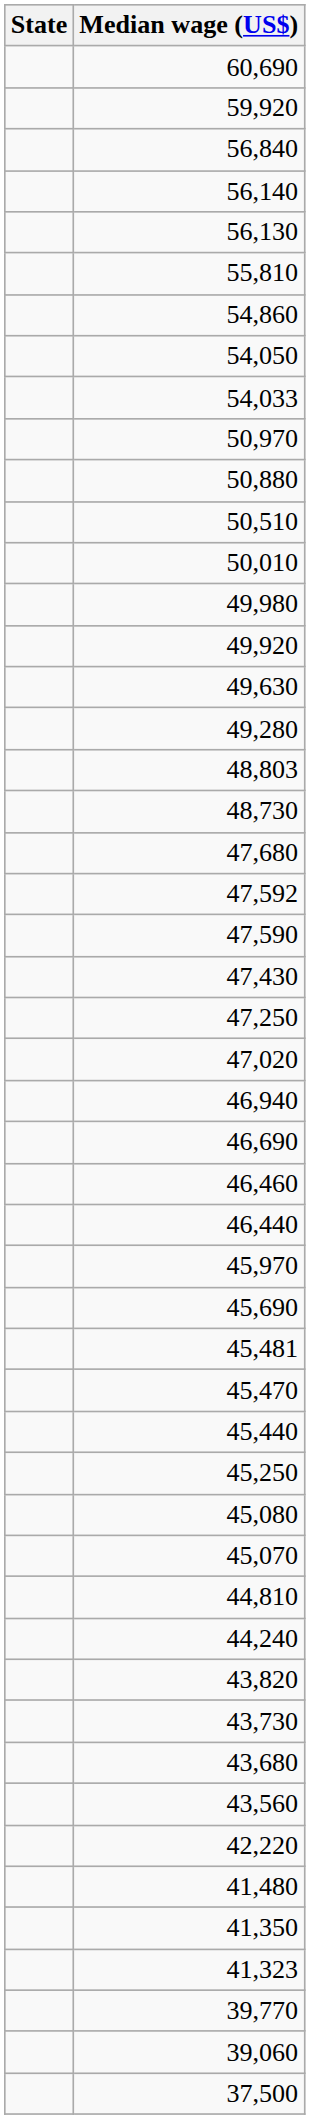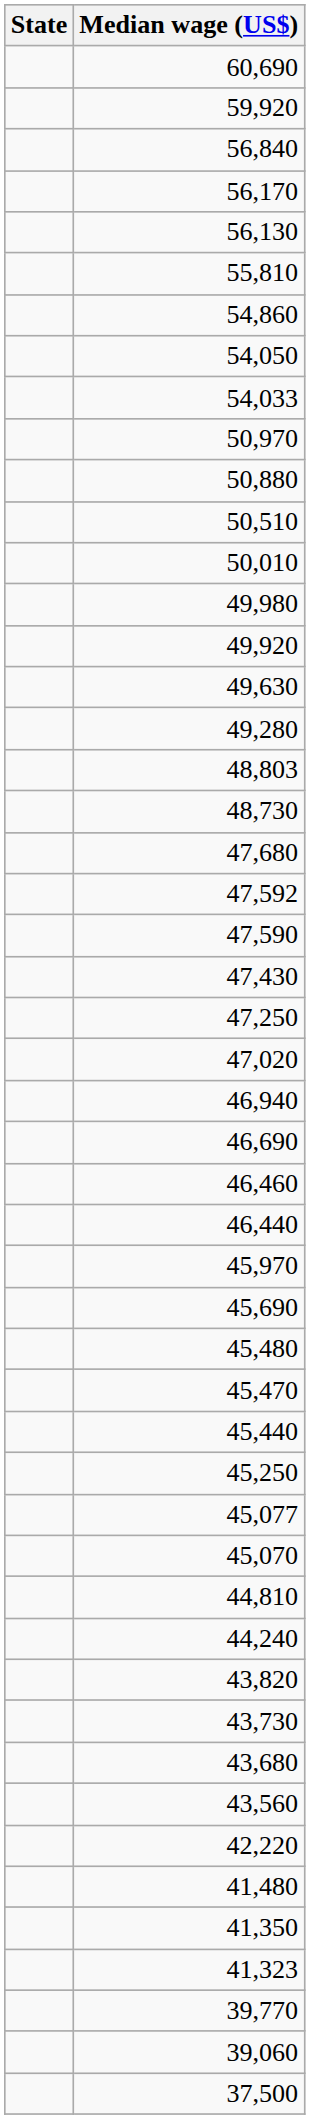 <table class="wikitable sortable sticky-table-head mw-datatable static-row-numbers" style=text-align:right;>
 <tr>
 <th>State</th>
 <th>Median wage (<a href='#'>US$</a>)</th>
 </tr>
 <tr>
 <td></td>
 <td>60,690</td>
 </tr>
 <tr>
 <td></td>
 <td>59,920</td>
 </tr>
 <tr>
 <td></td>
 <td>56,840</td>
 </tr>
 <tr>
 <td></td>
-<td>56,140</td>
+<td>56,170</td>
 </tr>
 <tr>
 <td></td>
 <td>56,130</td>
 </tr>
 <tr>
 <td></td>
 <td>55,810</td>
 </tr>
 <tr>
 <td></td>
 <td>54,860</td>
 </tr>
 <tr>
 <td></td>
 <td>54,050</td>
 </tr>
 <tr>
 <td></td>
 <td>54,033</td>
 </tr>
 <tr>
 <td></td>
 <td>50,970</td>
 </tr>
 <tr>
 <td></td>
 <td>50,880</td>
 </tr>
 <tr>
 <td></td>
 <td>50,510</td>
 </tr>
 <tr>
 <td></td>
 <td>50,010</td>
 </tr>
 <tr>
 <td></td>
 <td>49,980</td>
 </tr>
 <tr>
 <td></td>
 <td>49,920</td>
 </tr>
 <tr>
 <td></td>
 <td>49,630</td>
 </tr>
 <tr>
 <td></td>
 <td>49,280</td>
 </tr>
 <tr>
 <td></td>
 <td>48,803</td>
 </tr>
 <tr>
 <td></td>
 <td>48,730</td>
 </tr>
 <tr>
 <td></td>
 <td>47,680</td>
 </tr>
 <tr>
 <td></td>
 <td>47,592</td>
 </tr>
 <tr>
 <td></td>
 <td>47,590</td>
 </tr>
 <tr>
 <td></td>
 <td>47,430</td>
 </tr>
 <tr>
 <td></td>
 <td>47,250</td>
 </tr>
 <tr>
 <td></td>
 <td>47,020</td>
 </tr>
 <tr>
 <td></td>
 <td>46,940</td>
 </tr>
 <tr>
 <td></td>
 <td>46,690</td>
 </tr>
 <tr>
 <td></td>
 <td>46,460</td>
 </tr>
 <tr>
 <td></td>
 <td>46,440</td>
 </tr>
 <tr>
 <td></td>
 <td>45,970</td>
 </tr>
 <tr>
 <td></td>
 <td>45,690</td>
 </tr>
 <tr>
 <td></td>
-<td>45,481</td>
+<td>45,480</td>
 </tr>
 <tr>
 <td></td>
 <td>45,470</td>
 </tr>
 <tr>
 <td></td>
 <td>45,440</td>
 </tr>
 <tr>
 <td></td>
 <td>45,250</td>
 </tr>
 <tr>
 <td></td>
-<td>45,080</td>
+<td>45,077</td>
 </tr>
 <tr>
 <td></td>
 <td>45,070</td>
 </tr>
 <tr>
 <td></td>
 <td>44,810</td>
 </tr>
 <tr>
 <td></td>
 <td>44,240</td>
 </tr>
 <tr>
 <td></td>
 <td>43,820</td>
 </tr>
 <tr>
 <td></td>
 <td>43,730</td>
 </tr>
 <tr>
 <td></td>
 <td>43,680</td>
 </tr>
 <tr>
 <td></td>
 <td>43,560</td>
 </tr>
 <tr>
 <td></td>
 <td>42,220</td>
 </tr>
 <tr>
 <td></td>
 <td>41,480</td>
 </tr>
 <tr>
 <td></td>
 <td>41,350</td>
 </tr>
 <tr>
 <td></td>
 <td>41,323</td>
 </tr>
 <tr>
 <td></td>
 <td>39,770</td>
 </tr>
 <tr>
 <td></td>
 <td>39,060</td>
 </tr>
 <tr>
 <td></td>
 <td>37,500</td>
 </tr>
 </table>
